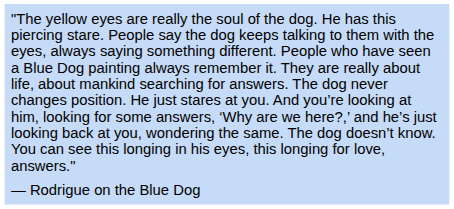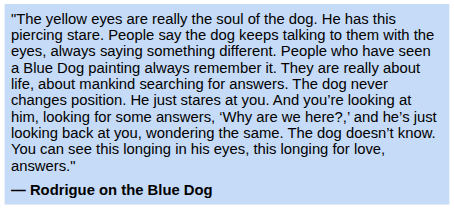 <table class="toccolours" style="float: right; margin-left: 1em; margin-right: 2em; font-size: 85%; background:#c6dbf7; color:black; width:30em; max-width: 40%;" cellspacing="5">
 <tr>
 <td style="text-align: left;">"The yellow eyes are really the soul of the dog. He has this piercing stare. People say the dog keeps talking to them with the eyes, always saying something different. People who have seen a Blue Dog painting always remember it. They are really about life, about mankind searching for answers. The dog never changes position. He just stares at you. And you’re looking at him, looking for some answers, ‘Why are we here?,’ and he’s just looking back at you, wondering the same. The dog doesn’t know. You can see this longing in his eyes, this longing for love, answers."</td>
 </tr>
 <tr>
-<td style="text-align: left;">— Rodrigue on the Blue Dog</td>
+<td style="text-align: left;"><strong>— Rodrigue on the Blue Dog</strong></td>
 </tr>
 </table>
